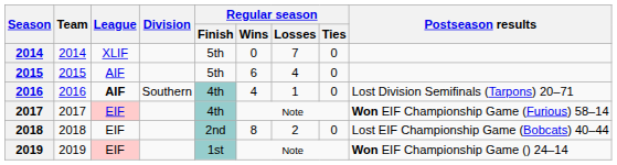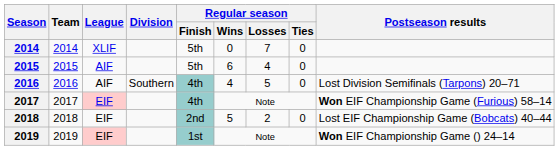 <table class="wikitable" style="text-align:center; font-size: 95%;">
 <tr>
 <th rowspan="2"><a href='#'>Season</a></th>
 <th rowspan="2">Team</th>
 <th rowspan="2"><a href='#'>League</a></th>
 <th rowspan="2"><a href='#'>Division</a></th>
 <th colspan="4"><a href='#'>Regular season</a></th>
 <th rowspan="2"><a href='#'>Postseason</a> results</th>
 </tr>
 <tr>
 <th>Finish</th>
 <th>Wins</th>
 <th>Losses</th>
 <th>Ties</th>
 </tr>
 <tr>
 <th><a href='#'>2014</a></th>
 <td><a href='#'>2014</a></td>
 <td><a href='#'>XLIF</a></td>
 <td></td>
 <td>5th</td>
 <td>0</td>
 <td>7</td>
 <td>0</td>
 <td></td>
 </tr>
 <tr>
 <th><a href='#'>2015</a></th>
 <td><a href='#'>2015</a></td>
 <td><a href='#'>AIF</a></td>
 <td></td>
 <td>5th</td>
 <td>6</td>
 <td>4</td>
 <td>0</td>
 <td></td>
 </tr>
 <tr>
 <th><a href='#'>2016</a></th>
 <td><a href='#'>2016</a></td>
-<td><strong>AIF</strong></td>
+<td>AIF</td>
 <td>Southern</td>
 <td bgcolor=#96cdcd>4th</td>
 <td>4</td>
-<td>1</td>
+<td>5</td>
 <td>0</td>
 <td style="text-align:left">Lost Division Semifinals (<a href='#'>Tarpons</a>) 20–71</td>
 </tr>
 <tr>
 <th>2017</th>
 <td>2017</td>
 <td bgcolor=#fcc><a href='#'>EIF</a></td>
 <td></td>
 <td bgcolor=#96cdcd>4th</td>
 <td colspan=3><small>Note</small></td>
 <td style="text-align:left"><strong>Won</strong> EIF Championship Game (<a href='#'>Furious</a>) 58–14</td>
 </tr>
 <tr>
 <th>2018</th>
 <td>2018</td>
 <td>EIF</td>
 <td></td>
 <td bgcolor=#96cdcd>2nd</td>
-<td>8</td>
+<td>5</td>
 <td>2</td>
 <td>0</td>
 <td style="text-align:left">Lost EIF Championship Game (<a href='#'>Bobcats</a>) 40–44</td>
 </tr>
 <tr>
 <th>2019</th>
 <td>2019</td>
 <td bgcolor=#fcc>EIF</td>
 <td></td>
 <td bgcolor=#96cdcd>1st</td>
 <td colspan=3><small>Note</small></td>
 <td style="text-align:left"><strong>Won</strong> EIF Championship Game () 24–14</td>
 </tr>
 </table>
